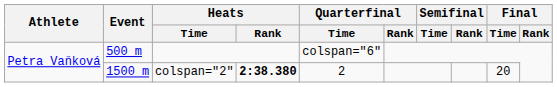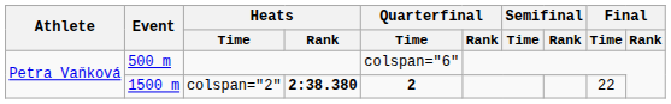 <table class="wikitable" style="font-size:90%">
 <tr>
 <th rowspan="2">Athlete</th>
 <th rowspan="2">Event</th>
 <th colspan="2">Heats</th>
 <th colspan="2">Quarterfinal</th>
 <th colspan="2">Semifinal</th>
 <th colspan="2">Final</th>
 </tr>
 <tr style="font-size:95%">
 <th>Time</th>
 <th>Rank</th>
 <th>Time</th>
 <th>Rank</th>
 <th>Time</th>
 <th>Rank</th>
 <th>Time</th>
 <th>Rank</th>
 </tr>
 <tr align="center">
 <td rowspan="2" align="left"><a href='#'>Petra Vaňková</a></td>
 <td align="left"><a href='#'>500 m</a></td>
 <td colspan="2"></td>
 <td>colspan="6" </td>
 </tr>
 <tr align="center">
 <td align="left"><a href='#'>1500 m</a></td>
 <td>colspan="2" </td>
 <td><strong>2:38.380</strong></td>
-<td>2</td>
+<td><strong>2</strong></td>
 <td colspan="2"></td>
 <td></td>
-<td>20</td>
+<td>22</td>
 </tr>
 </table>
